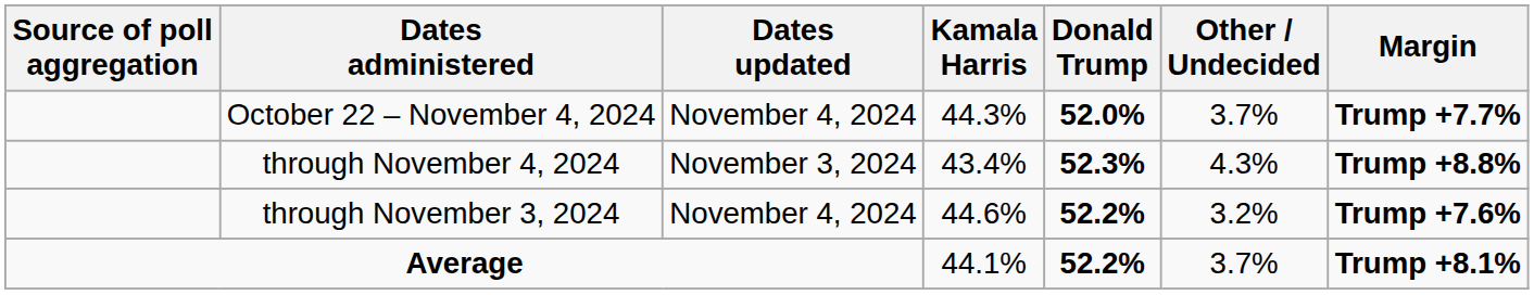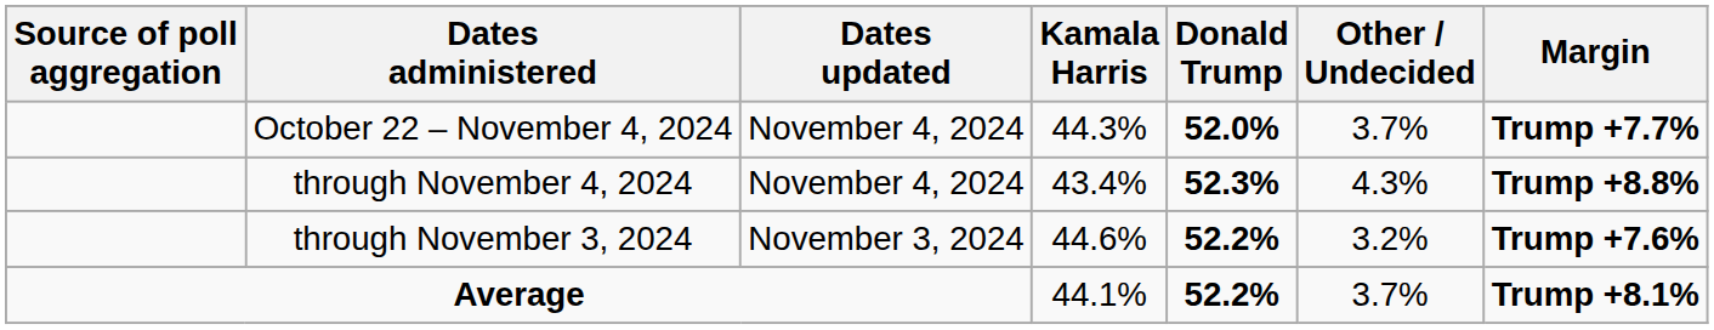 <table class="wikitable sortable" style="text-align:center;font-size:90%;line-height:17px">
 <tr>
 <th>Source of poll<br>aggregation</th>
 <th>Dates<br>administered</th>
 <th>Dates<br>updated</th>
 <th class="unsortable">Kamala<br>Harris<br><small></small></th>
 <th class="unsortable">Donald<br>Trump<br><small></small></th>
 <th>Other /<br>Undecided<br></th>
 <th>Margin</th>
 </tr>
 <tr>
 <td></td>
 <td>October 22 – November 4, 2024</td>
 <td>November 4, 2024</td>
 <td>44.3%</td>
 <td style="background-color:"><strong>52.0%</strong></td>
 <td>3.7%</td>
 <td style="background-color:"><strong>Trump +7.7%</strong></td>
 </tr>
 <tr>
 <td></td>
 <td>through November 4, 2024</td>
-<td>November 3, 2024</td>
+<td>November 4, 2024</td>
 <td>43.4%</td>
 <td style="background-color:"><strong>52.3%</strong></td>
 <td>4.3%</td>
 <td style="background-color:"><strong>Trump +8.8%</strong></td>
 </tr>
 <tr>
 <td></td>
 <td>through November 3, 2024</td>
-<td>November 4, 2024</td>
+<td>November 3, 2024</td>
 <td>44.6%</td>
 <td style="background-color:"><strong>52.2%</strong></td>
 <td>3.2%</td>
 <td style="background-color:"><strong>Trump +7.6%</strong></td>
 </tr>
 <tr>
 <td colspan="3"><strong>Average</strong></td>
 <td>44.1%</td>
 <td style="background-color:"><strong>52.2%</strong></td>
 <td>3.7%</td>
 <td style="background-color:"><strong>Trump +8.1%</strong></td>
 </tr>
 </table>
